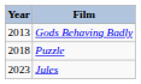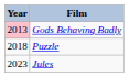 <table class="wikitable" style="font-size:95%;">
 <tr>
 <th style="background:#B0C4DE;">Year</th>
 <th style="background:#B0C4DE;">Film</th>
 </tr>
 <tr>
-<td>2013</td>
+<td style="background: pink;">2013</td>
 <td><em><a href='#'>Gods Behaving Badly</a></em></td>
 </tr>
 <tr>
 <td>2018</td>
 <td><em><a href='#'>Puzzle</a></em></td>
 </tr>
 <tr>
 <td>2023</td>
 <td><em><a href='#'>Jules</a></em></td>
 </tr>
 </table>
